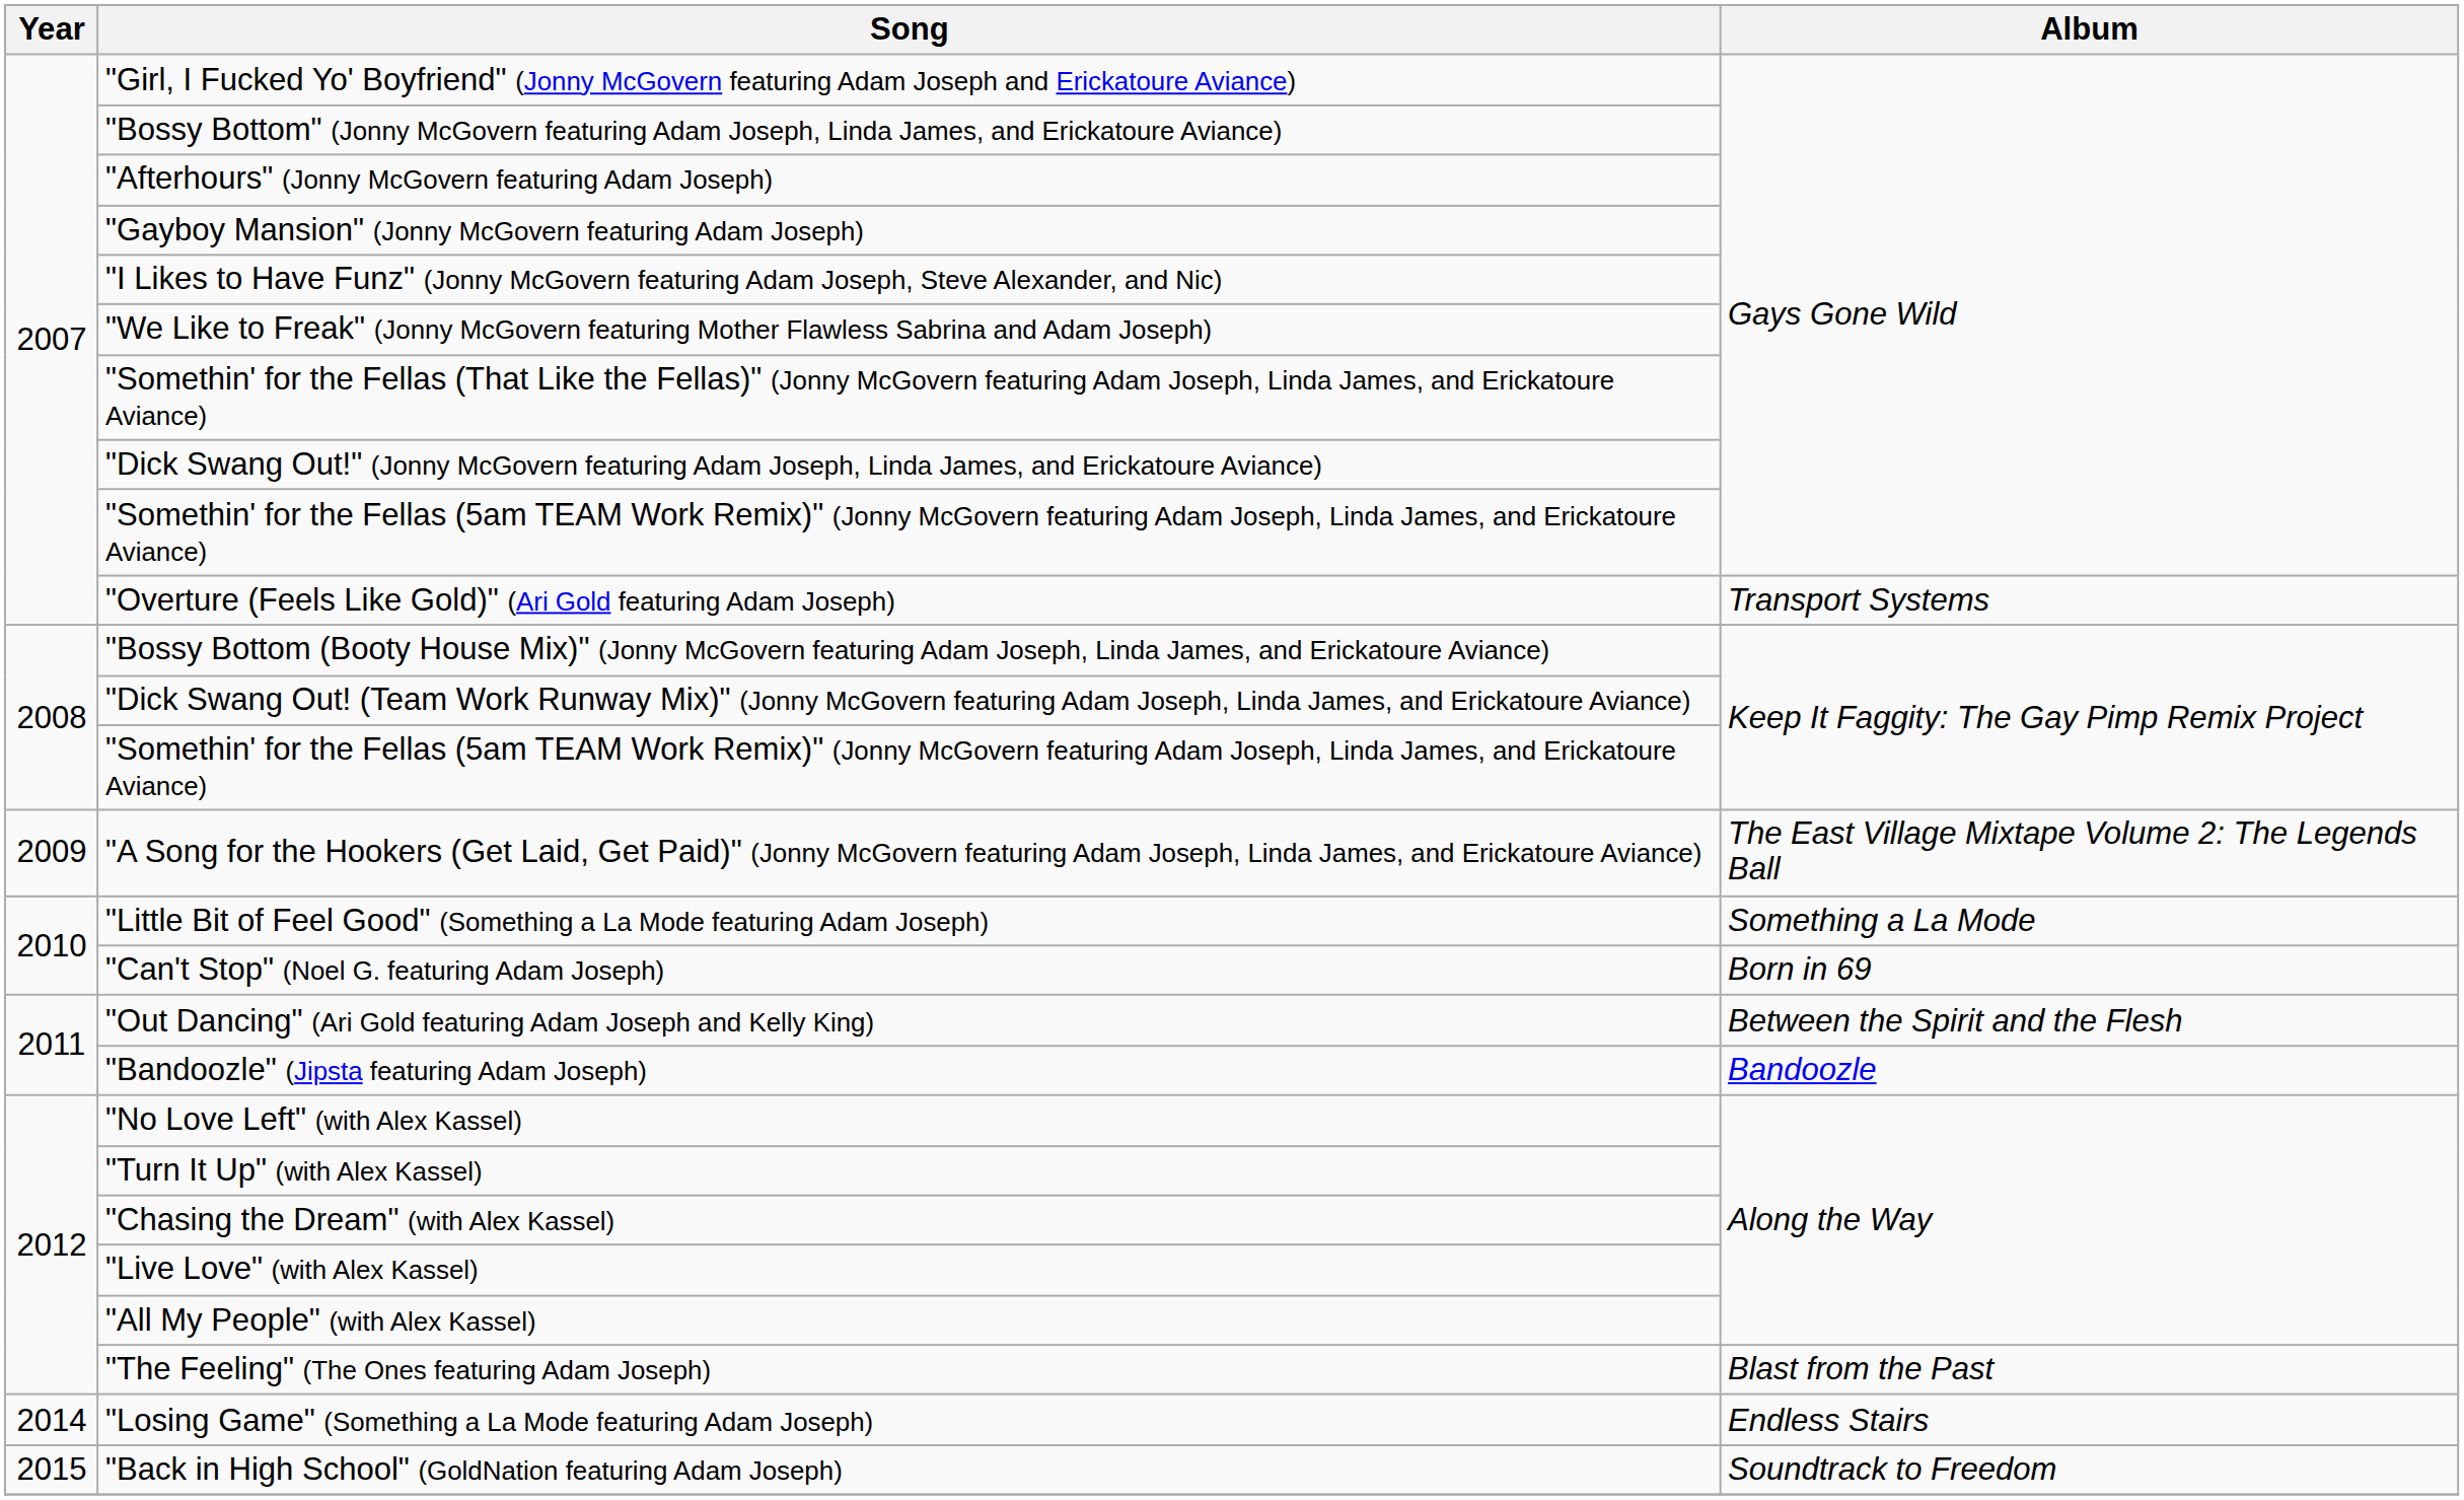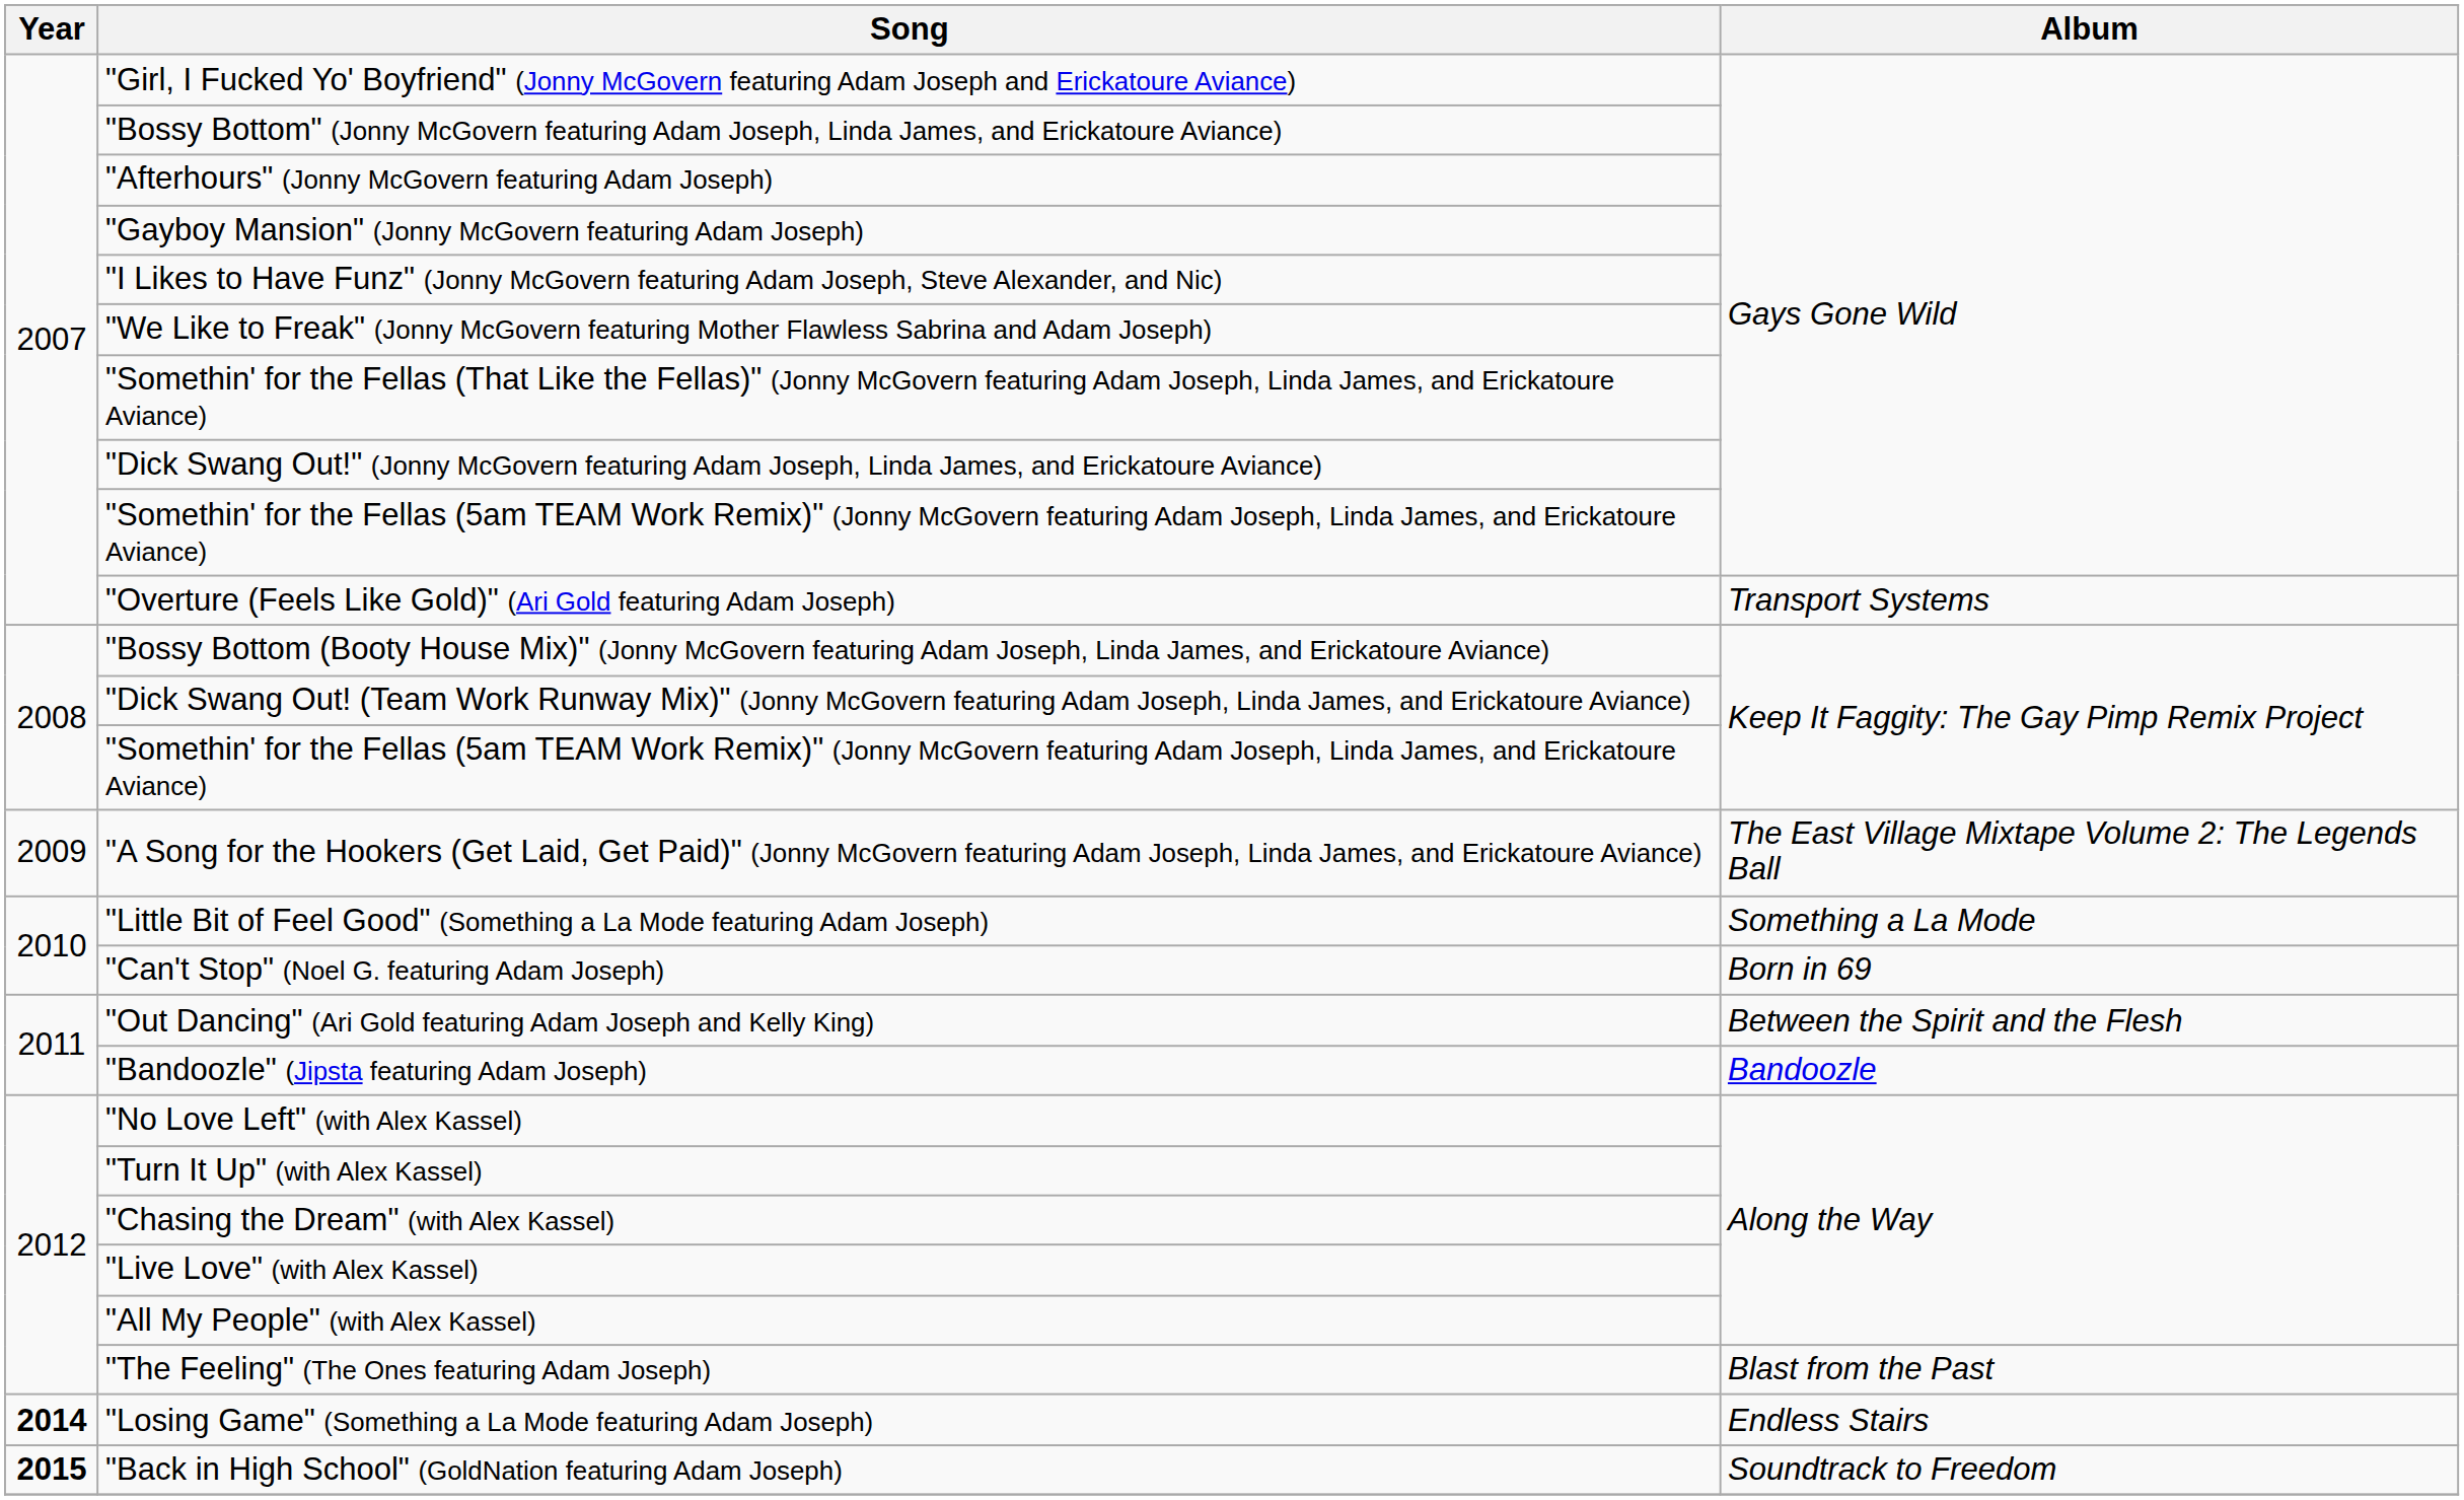 <table class="wikitable">
 <tr>
 <th align="center" width="40">Year</th>
 <th align="center">Song</th>
 <th align="center">Album</th>
 </tr>
 <tr>
 <td align="center" rowspan="10">2007</td>
 <td>"Girl, I Fucked Yo' Boyfriend" <small>(<a href='#'>Jonny McGovern</a> featuring Adam Joseph and <a href='#'>Erickatoure Aviance</a>)</small></td>
 <td align="left" rowspan="9"><em>Gays Gone Wild</em></td>
 </tr>
 <tr>
 <td>"Bossy Bottom" <small>(Jonny McGovern featuring Adam Joseph, Linda James, and Erickatoure Aviance)</small></td>
 </tr>
 <tr>
 <td>"Afterhours" <small>(Jonny McGovern featuring Adam Joseph)</small></td>
 </tr>
 <tr>
 <td>"Gayboy Mansion" <small>(Jonny McGovern featuring Adam Joseph)</small></td>
 </tr>
 <tr>
 <td>"I Likes to Have Funz" <small>(Jonny McGovern featuring Adam Joseph, Steve Alexander, and Nic)</small></td>
 </tr>
 <tr>
 <td>"We Like to Freak" <small>(Jonny McGovern featuring Mother Flawless Sabrina and Adam Joseph)</small></td>
 </tr>
 <tr>
 <td>"Somethin' for the Fellas (That Like the Fellas)" <small>(Jonny McGovern featuring Adam Joseph, Linda James, and Erickatoure Aviance)</small></td>
 </tr>
 <tr>
 <td>"Dick Swang Out!" <small>(Jonny McGovern featuring Adam Joseph, Linda James, and Erickatoure Aviance)</small></td>
 </tr>
 <tr>
 <td>"Somethin' for the Fellas (5am TEAM Work Remix)" <small>(Jonny McGovern featuring Adam Joseph, Linda James, and Erickatoure Aviance)</small></td>
 </tr>
 <tr>
 <td>"Overture (Feels Like Gold)" <small>(<a href='#'>Ari Gold</a> featuring Adam Joseph)</small></td>
 <td align="left"><em>Transport Systems</em></td>
 </tr>
 <tr>
 <td align="center" rowspan="3">2008</td>
 <td>"Bossy Bottom (Booty House Mix)" <small>(Jonny McGovern featuring Adam Joseph, Linda James, and Erickatoure Aviance)</small></td>
 <td align="left" rowspan="3"><em>Keep It Faggity: The Gay Pimp Remix Project</em></td>
 </tr>
 <tr>
 <td>"Dick Swang Out! (Team Work Runway Mix)" <small>(Jonny McGovern featuring Adam Joseph, Linda James, and Erickatoure Aviance)</small></td>
 </tr>
 <tr>
 <td>"Somethin' for the Fellas (5am TEAM Work Remix)" <small>(Jonny McGovern featuring Adam Joseph, Linda James, and Erickatoure Aviance)</small></td>
 </tr>
 <tr>
 <td align="center" rowspan="1">2009</td>
 <td>"A Song for the Hookers (Get Laid, Get Paid)" <small>(Jonny McGovern featuring Adam Joseph, Linda James, and Erickatoure Aviance)</small></td>
 <td align="left" rowspan="1"><em>The East Village Mixtape Volume 2: The Legends Ball</em></td>
 </tr>
 <tr>
 <td align="center" rowspan="2">2010</td>
 <td>"Little Bit of Feel Good" <small>(Something a La Mode featuring Adam Joseph)</small></td>
 <td align="left"><em>Something a La Mode</em></td>
 </tr>
 <tr>
 <td>"Can't Stop" <small>(Noel G. featuring Adam Joseph)</small></td>
 <td align="left"><em>Born in 69</em></td>
 </tr>
 <tr>
 <td align="center" rowspan="2">2011</td>
 <td>"Out Dancing" <small>(Ari Gold featuring Adam Joseph and Kelly King)</small></td>
 <td align="left" rowspan="1"><em>Between the Spirit and the Flesh</em></td>
 </tr>
 <tr>
 <td>"Bandoozle" <small>(<a href='#'>Jipsta</a> featuring Adam Joseph)</small></td>
 <td align="left"><em><a href='#'>Bandoozle</a></em></td>
 </tr>
 <tr>
 <td align="center" rowspan="6">2012</td>
 <td>"No Love Left" <small>(with Alex Kassel)</small></td>
 <td align="left" rowspan="5"><em>Along the Way</em></td>
 </tr>
 <tr>
 <td>"Turn It Up" <small>(with Alex Kassel)</small></td>
 </tr>
 <tr>
 <td>"Chasing the Dream" <small>(with Alex Kassel)</small></td>
 </tr>
 <tr>
 <td>"Live Love" <small>(with Alex Kassel)</small></td>
 </tr>
 <tr>
 <td>"All My People" <small>(with Alex Kassel)</small></td>
 </tr>
 <tr>
 <td>"The Feeling" <small>(The Ones featuring Adam Joseph)</small></td>
 <td align="left" rowspan="1"><em>Blast from the Past</em></td>
 </tr>
 <tr>
-<td align="center" rowspan="1">2014</td>
+<td align="center" rowspan="1"><strong>2014</strong></td>
 <td>"Losing Game" <small>(Something a La Mode featuring Adam Joseph)</small></td>
 <td align="left" rowspan="1"><em>Endless Stairs</em></td>
 </tr>
 <tr>
-<td align="center" rowspan="1">2015</td>
+<td align="center" rowspan="1"><strong>2015</strong></td>
 <td>"Back in High School" <small>(GoldNation featuring Adam Joseph)</small></td>
 <td align="left" rowspan="1"><em>Soundtrack to Freedom</em></td>
 </tr>
 <tr>
 </tr>
 </table>
